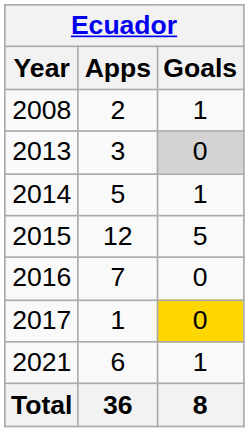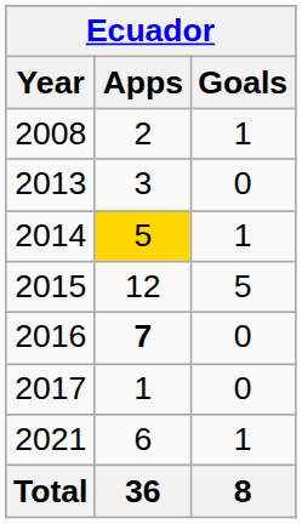 <table class="wikitable" style="text-align:center">
 <tr>
 <th colspan=3><a href='#'>Ecuador</a></th>
 </tr>
 <tr>
 <th>Year</th>
 <th>Apps</th>
 <th>Goals</th>
 </tr>
 <tr>
 <td>2008</td>
 <td>2</td>
 <td>1</td>
 </tr>
 <tr>
 <td>2013</td>
 <td>3</td>
-<td style="background: lightgrey;">0</td>
+<td>0</td>
 </tr>
 <tr>
 <td>2014</td>
-<td>5</td>
+<td style="background: gold;">5</td>
 <td>1</td>
 </tr>
 <tr>
 <td>2015</td>
 <td>12</td>
 <td>5</td>
 </tr>
 <tr>
 <td>2016</td>
-<td>7</td>
+<td><strong>7</strong></td>
 <td>0</td>
 </tr>
 <tr>
 <td>2017</td>
 <td>1</td>
-<td style="background: gold;">0</td>
+<td>0</td>
 </tr>
 <tr>
 <td>2021</td>
 <td>6</td>
 <td>1</td>
 </tr>
 <tr>
 <th>Total</th>
 <th>36</th>
 <th>8</th>
 </tr>
 </table>
